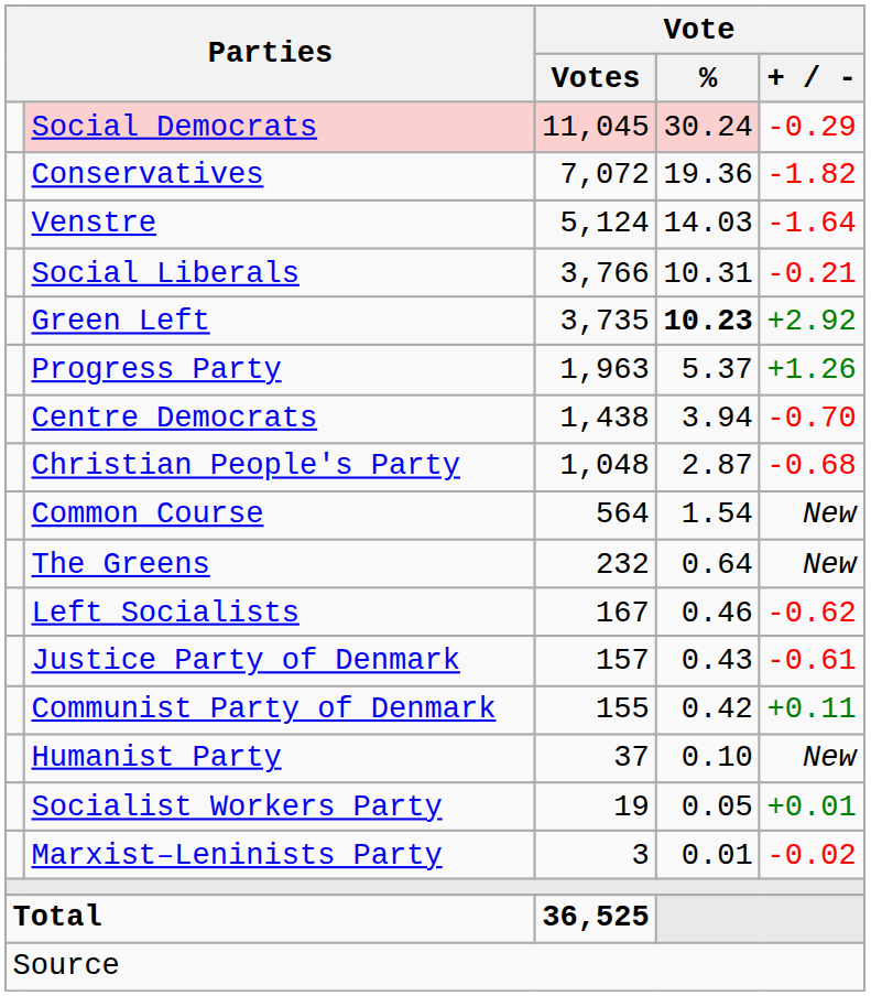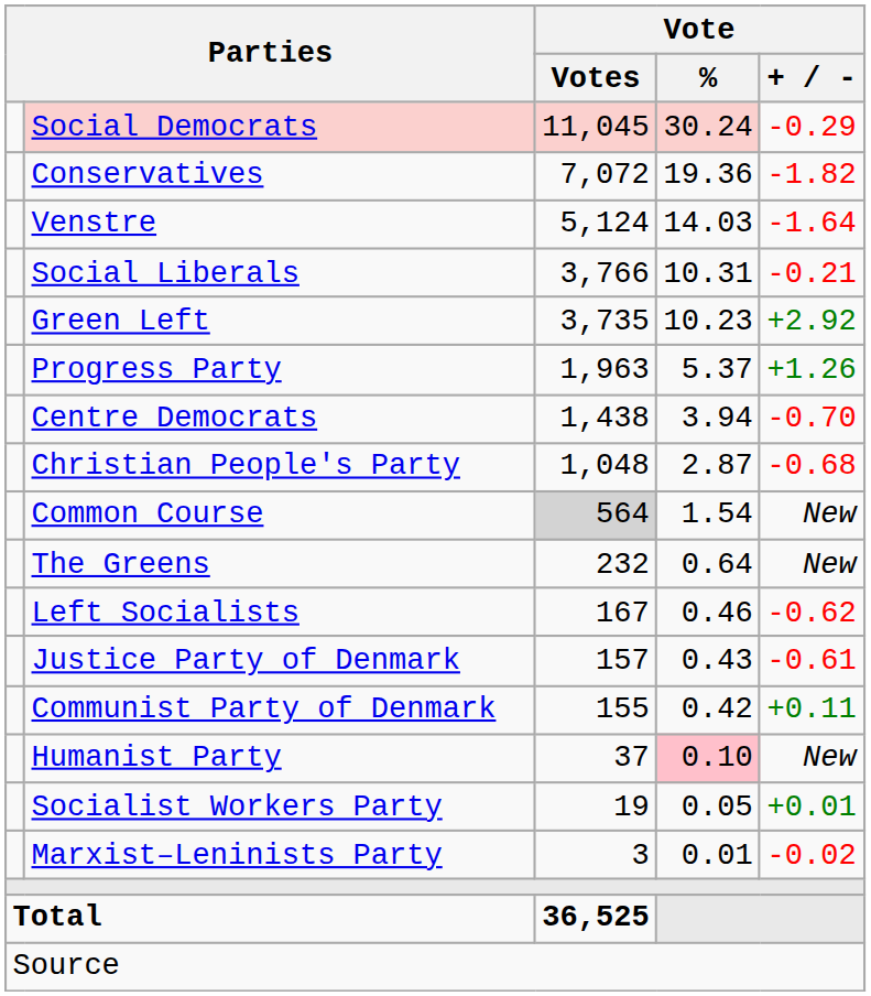 <table class="wikitable" style="text-align:right;">
 <tr>
 <th style="text-align:centre;" rowspan="2" colspan="2" width="225">Parties</th>
 <th colspan="3">Vote</th>
 </tr>
 <tr>
 <th width="15">Votes</th>
 <th width="15">%</th>
 <th width="15">+ / -</th>
 </tr>
 <tr>
 <td width="2" style="color:inherit;background:"></td>
 <td bgcolor=#fbd0ce  align="left"><a href='#'>Social Democrats</a></td>
 <td bgcolor=#fbd0ce>11,045</td>
 <td bgcolor=#fbd0ce>30.24</td>
 <td style=color:red;>-0.29</td>
 </tr>
 <tr>
 <td width="2" style="color:inherit;background:"></td>
 <td align="left"><a href='#'>Conservatives</a></td>
 <td>7,072</td>
 <td>19.36</td>
 <td style=color:red;>-1.82</td>
 </tr>
 <tr>
 <td width="2" style="color:inherit;background:"></td>
 <td align="left"><a href='#'>Venstre</a></td>
 <td>5,124</td>
 <td>14.03</td>
 <td style=color:red;>-1.64</td>
 </tr>
 <tr>
 <td width="2" style="color:inherit;background:"></td>
 <td align="left"><a href='#'>Social Liberals</a></td>
 <td>3,766</td>
 <td>10.31</td>
 <td style=color:red;>-0.21</td>
 </tr>
 <tr>
 <td width="2" style="color:inherit;background:"></td>
 <td align="left"><a href='#'>Green Left</a></td>
 <td>3,735</td>
-<td><strong>10.23</strong></td>
+<td>10.23</td>
 <td style=color:green;>+2.92</td>
 </tr>
 <tr>
 <td width="2" style="color:inherit;background:"></td>
 <td align="left"><a href='#'>Progress Party</a></td>
 <td>1,963</td>
 <td>5.37</td>
 <td style=color:green;>+1.26</td>
 </tr>
 <tr>
 <td width="2" style="color:inherit;background:"></td>
 <td align="left"><a href='#'>Centre Democrats</a></td>
 <td>1,438</td>
 <td>3.94</td>
 <td style=color:red;>-0.70</td>
 </tr>
 <tr>
 <td width="2" style="color:inherit;background:"></td>
 <td align="left"><a href='#'>Christian People's Party</a></td>
 <td>1,048</td>
 <td>2.87</td>
 <td style=color:red;>-0.68</td>
 </tr>
 <tr>
 <td width="2" style="color:inherit;background:"></td>
 <td align="left"><a href='#'>Common Course</a></td>
-<td>564</td>
+<td style="background: lightgrey;">564</td>
 <td>1.54</td>
 <td><em>New</em></td>
 </tr>
 <tr>
 <td width="2" style="color:inherit;background:"></td>
 <td align="left"><a href='#'>The Greens</a></td>
 <td>232</td>
 <td>0.64</td>
 <td><em>New</em></td>
 </tr>
 <tr>
 <td width="2" style="color:inherit;background:"></td>
 <td align="left"><a href='#'>Left Socialists</a></td>
 <td>167</td>
 <td>0.46</td>
 <td style=color:red;>-0.62</td>
 </tr>
 <tr>
 <td width="2" style="color:inherit;background:"></td>
 <td align="left"><a href='#'>Justice Party of Denmark</a></td>
 <td>157</td>
 <td>0.43</td>
 <td style=color:red;>-0.61</td>
 </tr>
 <tr>
 <td width="2" style="color:inherit;background:"></td>
 <td align="left"><a href='#'>Communist Party of Denmark</a></td>
 <td>155</td>
 <td>0.42</td>
 <td style=color:green;>+0.11</td>
 </tr>
 <tr>
 <td width="2" style="color:inherit;background:"></td>
 <td align="left"><a href='#'>Humanist Party</a></td>
 <td>37</td>
-<td>0.10</td>
+<td style="background: pink;">0.10</td>
 <td><em>New</em></td>
 </tr>
 <tr>
 <td width="2" style="color:inherit;background:"></td>
 <td align="left"><a href='#'>Socialist Workers Party</a></td>
 <td>19</td>
 <td>0.05</td>
 <td style=color:green;>+0.01</td>
 </tr>
 <tr>
 <td width="2" style="color:inherit;background:"></td>
 <td align="left"><a href='#'>Marxist–Leninists Party</a></td>
 <td>3</td>
 <td>0.01</td>
 <td style=color:red;>-0.02</td>
 </tr>
 <tr>
 <td colspan="7" bgcolor="#E9E9E9"></td>
 </tr>
 <tr>
 <td align="left" colspan="2"><strong>Total</strong></td>
 <td><strong>36,525</strong></td>
 <td bgcolor="#E9E9E9" colspan="2"></td>
 </tr>
 <tr>
 <td align="left" colspan="6">Source</td>
 </tr>
 </table>
